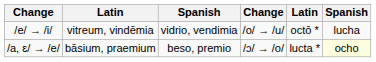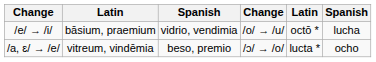 <table class="wikitable" style="text-align:center;">
 <tr>
 <th>Change</th>
 <th>Latin</th>
 <th>Spanish</th>
 <th>Change</th>
 <th>Latin</th>
 <th>Spanish</th>
 </tr>
 <tr>
 <td>/e/ → /i/</td>
-<td>vitreum, vindēmia</td>
+<td>bāsium, praemium</td>
 <td>vidrio, vendimia</td>
 <td>/o/ → /u/</td>
 <td>octō *</td>
 <td>lucha</td>
 </tr>
 <tr>
 <td>/a, ɛ/ → /e/</td>
-<td>bāsium, praemium</td>
+<td>vitreum, vindēmia</td>
 <td>beso, premio</td>
 <td>/ɔ/ → /o/</td>
 <td>lucta *</td>
-<td style="background: lightyellow;">ocho</td>
+<td>ocho</td>
 </tr>
 </table>
